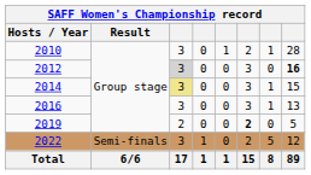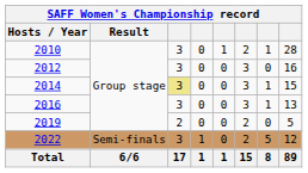 <table class="wikitable" style="text-align: center;">
 <tr>
 <th colspan="8"><a href='#'>SAFF Women's Championship</a> record</th>
 </tr>
 <tr>
 <th>Hosts / Year</th>
 <th>Result</th>
 <th width=20></th>
 <th width=20></th>
 <th width=20></th>
 <th width=20></th>
 <th width=20></th>
 <th width=20></th>
 </tr>
 <tr>
 <td> <a href='#'>2010</a></td>
 <td rowspan=5>Group stage</td>
 <td>3</td>
 <td>0</td>
 <td>1</td>
 <td>2</td>
 <td>1</td>
 <td>28</td>
 </tr>
 <tr>
 <td> <a href='#'>2012</a></td>
-<td style="background: lightgrey;">3</td>
+<td>3</td>
 <td>0</td>
 <td>0</td>
 <td>3</td>
 <td>0</td>
-<td><strong>16</strong></td>
+<td>16</td>
 </tr>
 <tr>
 <td> <a href='#'>2014</a></td>
 <td style="background: khaki;">3</td>
 <td>0</td>
 <td>0</td>
 <td>3</td>
 <td>1</td>
 <td>15</td>
 </tr>
 <tr>
 <td> <a href='#'>2016</a></td>
 <td>3</td>
 <td>0</td>
 <td>0</td>
 <td>3</td>
 <td>1</td>
 <td>13</td>
 </tr>
 <tr>
 <td> <a href='#'>2019</a></td>
 <td>2</td>
 <td>0</td>
 <td>0</td>
-<td><strong>2</strong></td>
+<td>2</td>
 <td>0</td>
 <td>5</td>
 </tr>
 <tr bgcolor="cc9966">
 <td> <a href='#'>2022</a></td>
 <td>Semi-finals</td>
 <td>3</td>
 <td>1</td>
 <td>0</td>
 <td>2</td>
 <td>5</td>
 <td>12</td>
 </tr>
 <tr>
 <th><strong>Total</strong></th>
 <th><strong>6/6</strong></th>
 <th><strong>17</strong></th>
 <th><strong>1</strong></th>
 <th><strong>1</strong></th>
 <th><strong>15</strong></th>
 <th><strong>8</strong></th>
 <th><strong>89</strong></th>
 </tr>
 </table>
